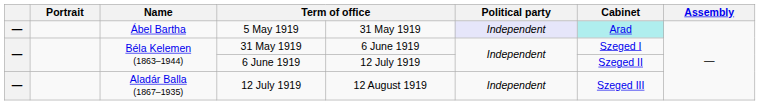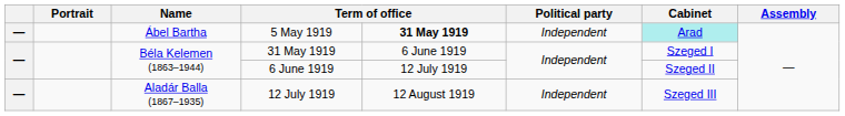 <table class="wikitable" style="width:90%; text-align:center;">
 <tr>
 <th></th>
 <th>Portrait</th>
 <th>Name<br></th>
 <th colspan=2>Term of office</th>
 <th>Political party</th>
 <th>Cabinet</th>
 <th><a href='#'>Assembly</a><br></th>
 </tr>
 <tr>
 <th style="background:">—</th>
 <td></td>
 <td><a href='#'>Ábel Bartha</a></td>
 <td>5 May 1919</td>
-<td>31 May 1919</td>
-<td style="background: lavender;"><em>Independent</em></td>
+<td><strong>31 May 1919</strong></td>
+<td><em>Independent</em></td>
 <td style="background: paleturquoise;"><a href='#'>Arad</a></td>
 <td rowspan="4">—</td>
 </tr>
 <tr>
 <th rowspan="2" style="background:">—</th>
 <td rowspan="2"></td>
 <td rowspan="2"><a href='#'>Béla Kelemen</a><br><small>(1863–1944)</small></td>
 <td>31 May 1919</td>
 <td>6 June 1919</td>
 <td rowspan="2"><em>Independent</em></td>
 <td><a href='#'>Szeged I</a></td>
 </tr>
 <tr>
 <td>6 June 1919</td>
 <td>12 July 1919</td>
 <td><a href='#'>Szeged II</a></td>
 </tr>
 <tr>
 <th style="background:">—</th>
 <td></td>
 <td><a href='#'>Aladár Balla</a><br><small>(1867–1935)</small></td>
 <td>12 July 1919</td>
 <td>12 August 1919</td>
 <td><em>Independent</em></td>
 <td><a href='#'>Szeged III</a></td>
 </tr>
 </table>
